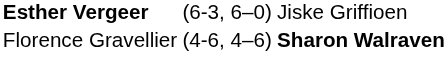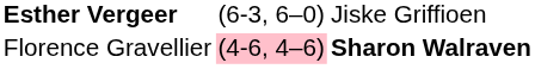 <table>
 <tr>
 <td><strong>Esther Vergeer</strong></td>
 <td style="text-align:center;">(6-3, 6–0)</td>
 <td>Jiske Griffioen</td>
 </tr>
 <tr>
 <td>Florence Gravellier</td>
-<td style="text-align:center;">(4-6, 4–6)</td>
+<td style="background: pink; text-align:center;">(4-6, 4–6)</td>
 <td><strong>Sharon Walraven</strong></td>
 </tr>
 </table>
